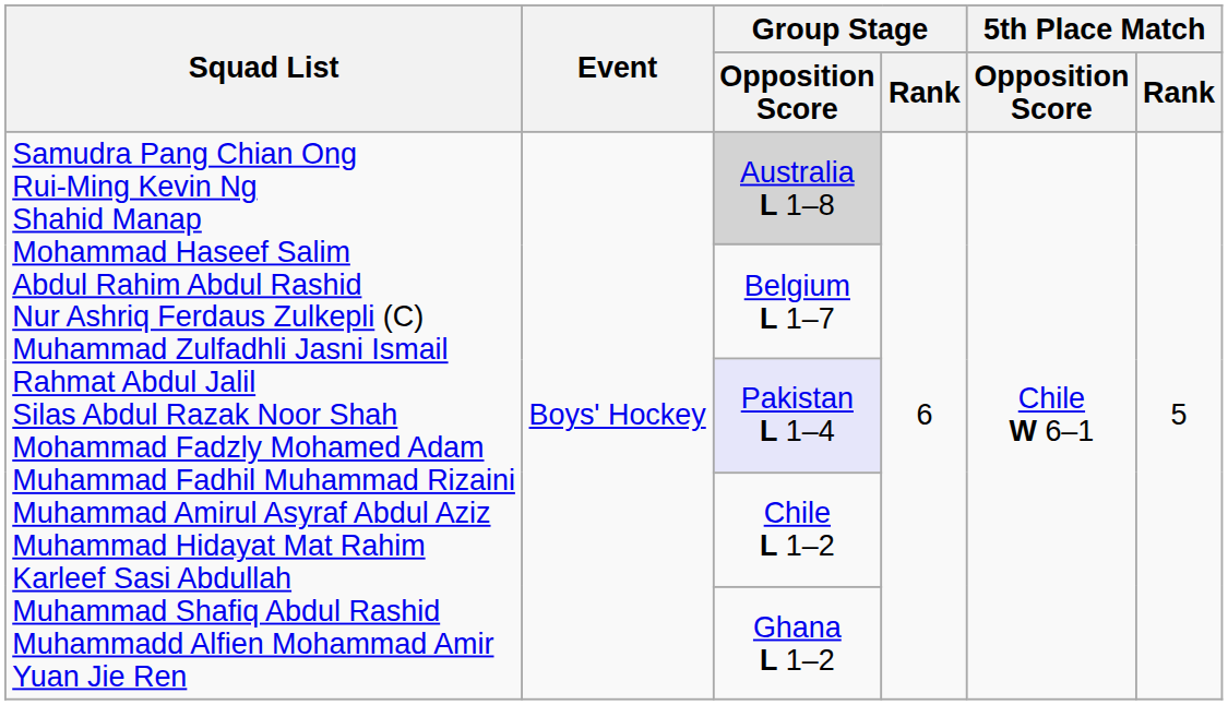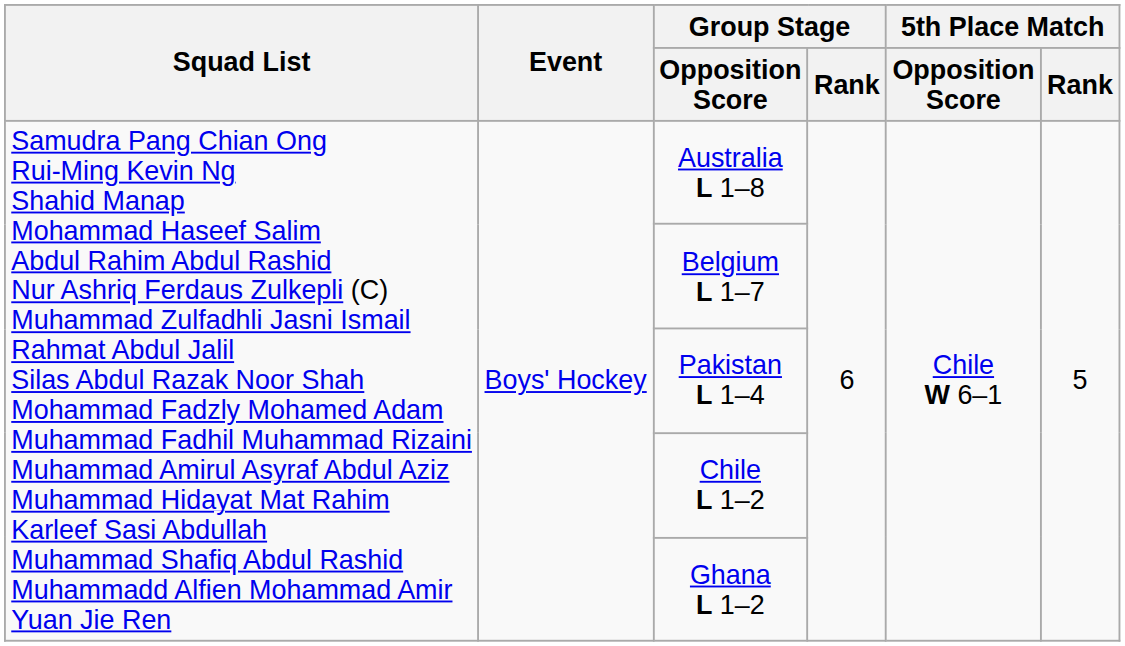 <table class=wikitable style="font-size:90%">
 <tr>
 <th rowspan=2>Squad List</th>
 <th rowspan=2>Event</th>
 <th colspan=2>Group Stage</th>
 <th colspan=2>5th Place Match</th>
 </tr>
 <tr>
 <th>Opposition<br>Score</th>
 <th>Rank</th>
 <th>Opposition<br>Score</th>
 <th>Rank</th>
 </tr>
 <tr>
 <td rowspan=5><a href='#'>Samudra Pang Chian Ong</a><br><a href='#'>Rui-Ming Kevin Ng</a><br><a href='#'>Shahid Manap</a><br><a href='#'>Mohammad Haseef Salim</a><br><a href='#'>Abdul Rahim Abdul Rashid</a><br><a href='#'>Nur Ashriq Ferdaus Zulkepli</a> (C)<br><a href='#'>Muhammad Zulfadhli Jasni Ismail</a><br><a href='#'>Rahmat Abdul Jalil</a><br><a href='#'>Silas Abdul Razak Noor Shah</a><br><a href='#'>Mohammad Fadzly Mohamed Adam</a><br><a href='#'>Muhammad Fadhil Muhammad Rizaini</a><br><a href='#'>Muhammad Amirul Asyraf Abdul Aziz</a><br><a href='#'>Muhammad Hidayat Mat Rahim</a><br><a href='#'>Karleef Sasi Abdullah</a><br><a href='#'>Muhammad Shafiq Abdul Rashid</a><br><a href='#'>Muhammadd Alfien Mohammad Amir</a><br><a href='#'>Yuan Jie Ren</a></td>
 <td rowspan=5><a href='#'>Boys' Hockey</a></td>
-<td align=center style="background: lightgrey;"> <a href='#'>Australia</a><br> <strong>L</strong> 1–8</td>
+<td align=center> <a href='#'>Australia</a><br> <strong>L</strong> 1–8</td>
 <td rowspan=5 align=center>6</td>
 <td rowspan=5 align=center> <a href='#'>Chile</a><br> <strong>W</strong> 6–1</td>
 <td rowspan=5 align=center>5</td>
 </tr>
 <tr>
 <td align=center> <a href='#'>Belgium</a><br> <strong>L</strong> 1–7</td>
 </tr>
 <tr>
-<td align=center style="background: lavender;"> <a href='#'>Pakistan</a><br> <strong>L</strong> 1–4</td>
+<td align=center> <a href='#'>Pakistan</a><br> <strong>L</strong> 1–4</td>
 </tr>
 <tr>
 <td align=center> <a href='#'>Chile</a><br> <strong>L</strong> 1–2</td>
 </tr>
 <tr>
 <td align=center> <a href='#'>Ghana</a><br> <strong>L</strong> 1–2</td>
 </tr>
 </table>
